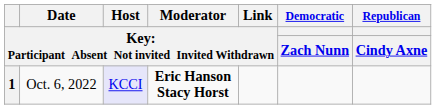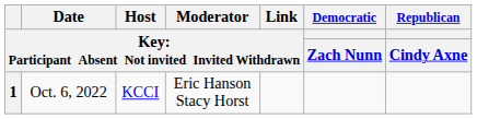 <table class="wikitable" style="text-align:center;">
 <tr>
 <th scope="col"></th>
 <th scope="col">Date</th>
 <th scope="col">Host</th>
 <th scope="col">Moderator</th>
 <th scope="col">Link</th>
 <th scope="col"><small><a href='#'>Democratic</a></small></th>
 <th scope="col"><small><a href='#'>Republican</a></small></th>
 </tr>
 <tr>
 <th colspan="5" rowspan="2">Key:<br> <small>Participant </small>  <small>Absent </small>  <small>Not invited </small>  <small>Invited  Withdrawn</small></th>
 <th scope="col" style="background:"></th>
 <th scope="col" style="background:"></th>
 </tr>
 <tr>
 <th scope="col"><a href='#'>Zach Nunn</a></th>
 <th scope="col"><a href='#'>Cindy Axne</a></th>
 </tr>
 <tr>
 <th>1</th>
 <td style="white-space:nowrap;">Oct. 6, 2022</td>
-<td style="background: lavender; white-space:nowrap;"><a href='#'>KCCI</a></td>
-<td style="white-space:nowrap;"><strong>Eric Hanson<br>Stacy Horst</strong></td>
+<td style="white-space:nowrap;"><a href='#'>KCCI</a></td>
+<td style="white-space:nowrap;">Eric Hanson<br>Stacy Horst</td>
 <td style="white-space:nowrap;"></td>
 <td></td>
 <td></td>
 </tr>
 </table>
